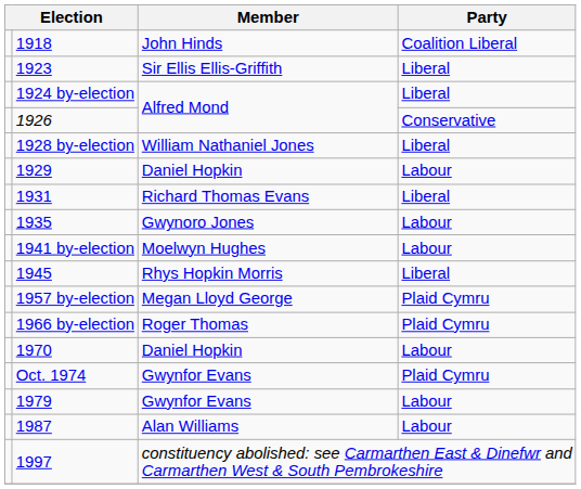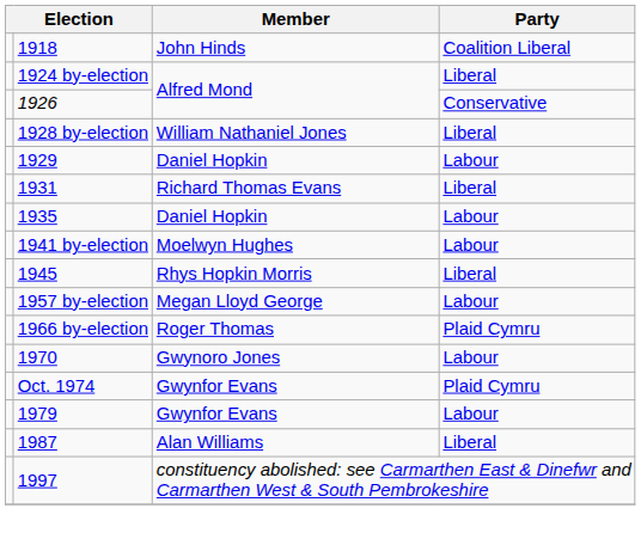 <table class="wikitable">
 <tr>
 <th colspan="2">Election</th>
 <th>Member</th>
 <th>Party</th>
 </tr>
 <tr>
 <td style="color:inherit;background-color: "></td>
 <td><a href='#'>1918</a></td>
 <td><a href='#'>John Hinds</a></td>
 <td><a href='#'>Coalition Liberal</a></td>
-</tr>
-<tr>
-<td style="color:inherit;background-color: "></td>
-<td><a href='#'>1923</a></td>
-<td><a href='#'>Sir Ellis Ellis-Griffith</a></td>
-<td><a href='#'>Liberal</a></td>
 </tr>
 <tr>
 <td style="color:inherit;background-color: "></td>
 <td><a href='#'>1924 by-election</a></td>
 <td rowspan="2"><a href='#'>Alfred Mond</a></td>
 <td><a href='#'>Liberal</a></td>
 </tr>
 <tr>
 <td style="color:inherit;background-color: "></td>
 <td><em>1926</em></td>
 <td><a href='#'>Conservative</a></td>
 </tr>
 <tr>
 <td style="color:inherit;background-color: "></td>
 <td><a href='#'>1928 by-election</a></td>
 <td><a href='#'>William Nathaniel Jones</a></td>
 <td><a href='#'>Liberal</a></td>
 </tr>
 <tr>
 <td style="color:inherit;background-color: "></td>
 <td><a href='#'>1929</a></td>
 <td><a href='#'>Daniel Hopkin</a></td>
 <td><a href='#'>Labour</a></td>
 </tr>
 <tr>
 <td style="color:inherit;background-color: "></td>
 <td><a href='#'>1931</a></td>
 <td><a href='#'>Richard Thomas Evans</a></td>
 <td><a href='#'>Liberal</a></td>
 </tr>
 <tr>
 <td style="color:inherit;background-color: "></td>
 <td><a href='#'>1935</a></td>
-<td><a href='#'>Gwynoro Jones</a></td>
+<td><a href='#'>Daniel Hopkin</a></td>
 <td><a href='#'>Labour</a></td>
 </tr>
 <tr>
 <td style="color:inherit;background-color: "></td>
 <td><a href='#'>1941 by-election</a></td>
 <td><a href='#'>Moelwyn Hughes</a></td>
 <td><a href='#'>Labour</a></td>
 </tr>
 <tr>
 <td style="color:inherit;background-color: "></td>
 <td><a href='#'>1945</a></td>
 <td><a href='#'>Rhys Hopkin Morris</a></td>
 <td><a href='#'>Liberal</a></td>
 </tr>
 <tr>
 <td style="color:inherit;background-color: "></td>
 <td><a href='#'>1957 by-election</a></td>
 <td><a href='#'>Megan Lloyd George</a></td>
-<td><a href='#'>Plaid Cymru</a></td>
+<td><a href='#'>Labour</a></td>
 </tr>
 <tr>
 <td style="color:inherit;background-color: "></td>
 <td><a href='#'>1966 by-election</a></td>
 <td><a href='#'>Roger Thomas</a></td>
 <td><a href='#'>Plaid Cymru</a></td>
 </tr>
 <tr>
 <td style="color:inherit;background-color: "></td>
 <td><a href='#'>1970</a></td>
-<td><a href='#'>Daniel Hopkin</a></td>
+<td><a href='#'>Gwynoro Jones</a></td>
 <td><a href='#'>Labour</a></td>
 </tr>
 <tr>
 <td style="color:inherit;background-color: "></td>
 <td><a href='#'>Oct. 1974</a></td>
 <td><a href='#'>Gwynfor Evans</a></td>
 <td><a href='#'>Plaid Cymru</a></td>
 </tr>
 <tr>
 <td style="color:inherit;background-color: "></td>
 <td><a href='#'>1979</a></td>
 <td><a href='#'>Gwynfor Evans</a></td>
 <td><a href='#'>Labour</a></td>
 </tr>
 <tr>
 <td style="color:inherit;background-color: "></td>
 <td><a href='#'>1987</a></td>
 <td><a href='#'>Alan Williams</a></td>
-<td><a href='#'>Labour</a></td>
+<td><a href='#'>Liberal</a></td>
 </tr>
 <tr>
 <td></td>
 <td><a href='#'>1997</a></td>
 <td colspan="2"><em>constituency abolished: see <a href='#'>Carmarthen East & Dinefwr</a> and<br><a href='#'>Carmarthen West & South Pembrokeshire</a></em></td>
 </tr>
 <tr>
 </tr>
 </table>
